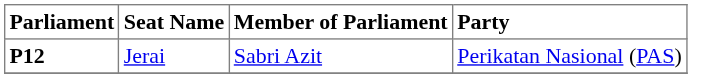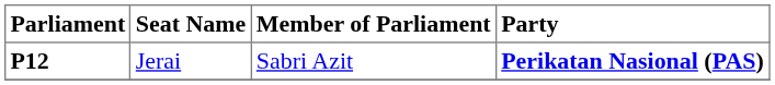 <table class="toccolours sortable" border="1" cellpadding="3" style="border-collapse:collapse; text-align: left;">
 <tr>
 <th align="center">Parliament</th>
 <th>Seat Name</th>
 <th>Member of Parliament</th>
 <th>Party</th>
 </tr>
 <tr>
 <th align="left">P12</th>
 <td><a href='#'>Jerai</a></td>
 <td><a href='#'>Sabri Azit</a></td>
-<td><a href='#'>Perikatan Nasional</a> (<a href='#'>PAS</a>)</td>
+<td><strong><a href='#'>Perikatan Nasional</a> (<a href='#'>PAS</a>)</strong></td>
 </tr>
 <tr>
 </tr>
 </table>
